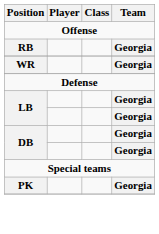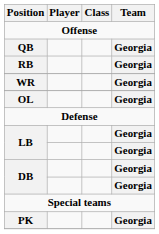 <table class="wikitable">
 <tr>
 <th>Position</th>
 <th>Player</th>
 <th>Class</th>
 <th>Team</th>
 </tr>
 <tr>
 <td colspan="4" style="text-align:center; "><strong>Offense</strong></td>
+</tr>
+<tr style="text-align:center;">
+<th rowspan="1">QB</th>
+<td></td>
+<td></td>
+<th style=>Georgia</th>
 </tr>
 <tr style="text-align:center;">
 <th rowspan="1">RB</th>
 <td></td>
 <td></td>
 <th style=>Georgia</th>
 </tr>
 <tr>
 </tr>
 <tr style="text-align:center;">
 <th rowspan="1">WR</th>
 <td></td>
 <td></td>
 <th style=>Georgia</th>
 </tr>
 <tr>
+</tr>
+<tr style="text-align:center;">
+<th rowspan="1">OL</th>
+<td></td>
+<td></td>
+<th style=>Georgia</th>
 </tr>
 <tr>
 <td colspan="4" style="text-align:center; "><strong>Defense</strong></td>
 </tr>
 <tr style="text-align:center;">
 <th rowspan="2">LB</th>
 <td></td>
 <td></td>
 <th style=>Georgia</th>
 </tr>
 <tr style="text-align:center;">
 <td></td>
 <td></td>
 <th style=>Georgia</th>
 </tr>
 <tr style="text-align:center;">
 <th rowspan="2">DB</th>
 <td></td>
 <td></td>
 <th style=>Georgia</th>
 </tr>
 <tr style="text-align:center;">
 <td></td>
 <td></td>
 <th style=>Georgia</th>
 </tr>
 <tr>
 <td colspan="4" style="text-align:center; "><strong>Special teams</strong></td>
 </tr>
 <tr style="text-align:center;">
 <th rowspan="1">PK</th>
 <td></td>
 <td></td>
 <th style=>Georgia</th>
 </tr>
 <tr>
 </tr>
 </table>
